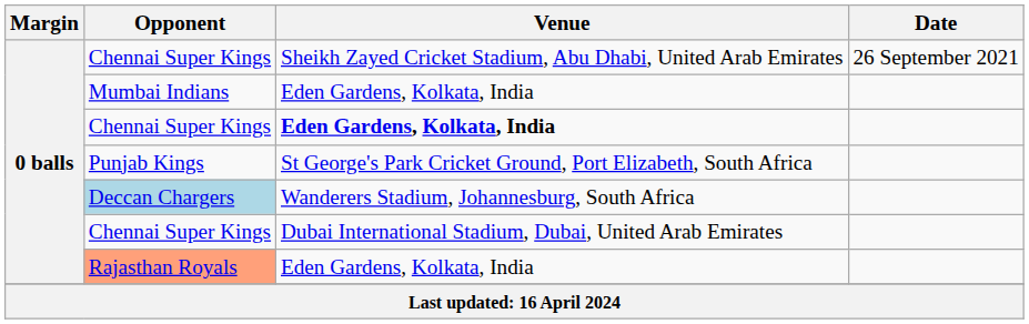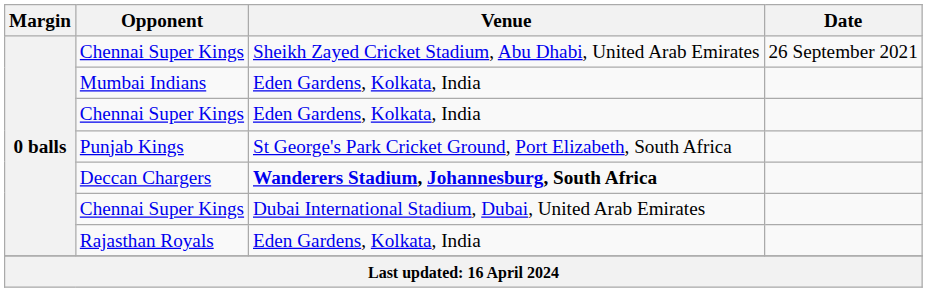 <table class="wikitable sortable" style="text-align:left;font-size:96%;">
 <tr>
 <th>Margin</th>
 <th>Opponent</th>
 <th>Venue</th>
 <th>Date</th>
 </tr>
 <tr>
 <th rowspan="7">0 balls</th>
 <td><a href='#'>Chennai Super Kings</a></td>
 <td><a href='#'>Sheikh Zayed Cricket Stadium</a>, <a href='#'>Abu Dhabi</a>, United Arab Emirates</td>
 <td>26 September 2021</td>
 </tr>
 <tr>
 <td><a href='#'>Mumbai Indians</a></td>
 <td><a href='#'>Eden Gardens</a>, <a href='#'>Kolkata</a>, India</td>
 <td></td>
 </tr>
 <tr>
 <td><a href='#'>Chennai Super Kings</a></td>
-<td><strong><a href='#'>Eden Gardens</a>, <a href='#'>Kolkata</a>, India</strong></td>
+<td><a href='#'>Eden Gardens</a>, <a href='#'>Kolkata</a>, India</td>
 <td></td>
 </tr>
 <tr>
 <td><a href='#'>Punjab Kings</a></td>
 <td><a href='#'>St George's Park Cricket Ground</a>, <a href='#'>Port Elizabeth</a>, South Africa</td>
 <td></td>
 </tr>
 <tr>
-<td style="background: lightblue;"><a href='#'>Deccan Chargers</a></td>
-<td><a href='#'>Wanderers Stadium</a>, <a href='#'>Johannesburg</a>, South Africa</td>
+<td><a href='#'>Deccan Chargers</a></td>
+<td><strong><a href='#'>Wanderers Stadium</a>, <a href='#'>Johannesburg</a>, South Africa</strong></td>
 <td></td>
 </tr>
 <tr>
 <td><a href='#'>Chennai Super Kings</a></td>
 <td><a href='#'>Dubai International Stadium</a>, <a href='#'>Dubai</a>, United Arab Emirates</td>
 <td></td>
 </tr>
 <tr>
-<td style="background: lightsalmon;"><a href='#'>Rajasthan Royals</a></td>
+<td><a href='#'>Rajasthan Royals</a></td>
 <td><a href='#'>Eden Gardens</a>, <a href='#'>Kolkata</a>, India</td>
 <td></td>
 </tr>
 <tr>
 </tr>
 <tr class=sortbottom>
 <th colspan="4"><small>Last updated: 16 April 2024</small></th>
 </tr>
 </table>
